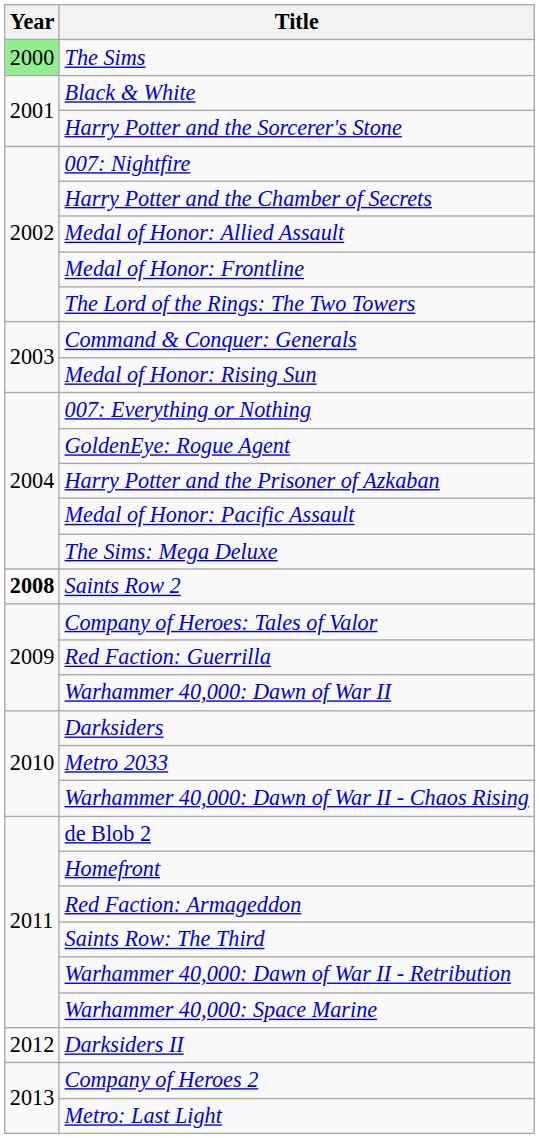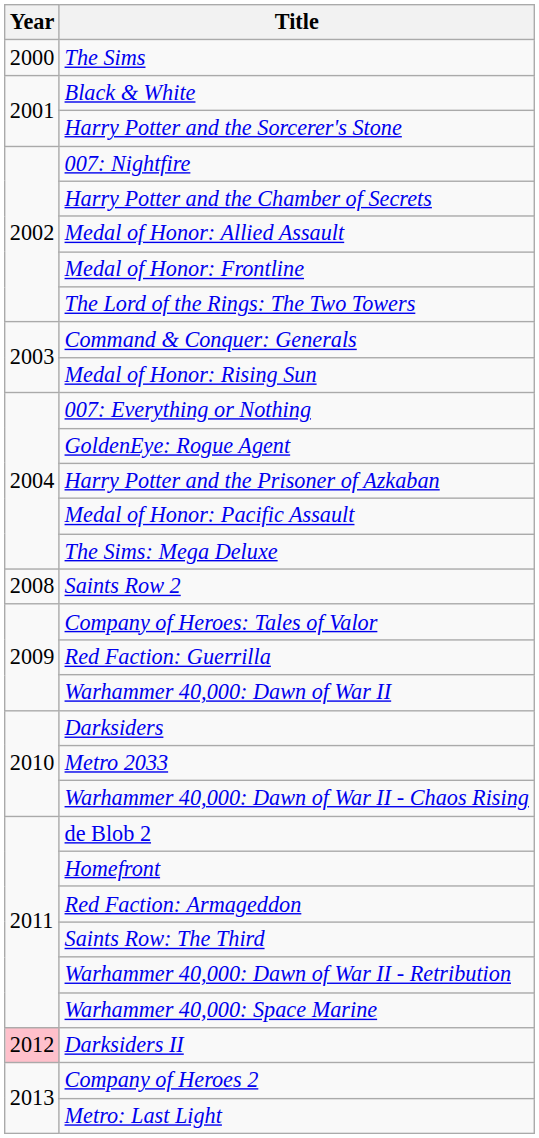 <table class="wikitable sortable">
 <tr>
 <th>Year</th>
 <th>Title</th>
 </tr>
 <tr>
-<td style="background: lightgreen;">2000</td>
+<td>2000</td>
 <td><em><a href='#'>The Sims</a></em></td>
 </tr>
 <tr>
 <td rowspan=2>2001</td>
 <td><em><a href='#'>Black & White</a></em></td>
 </tr>
 <tr>
 <td><em><a href='#'>Harry Potter and the Sorcerer's Stone</a></em></td>
 </tr>
 <tr>
 <td rowspan=5>2002</td>
 <td><em><a href='#'>007: Nightfire</a></em></td>
 </tr>
 <tr>
 <td><em><a href='#'>Harry Potter and the Chamber of Secrets</a></em></td>
 </tr>
 <tr>
 <td><em><a href='#'>Medal of Honor: Allied Assault</a></em></td>
 </tr>
 <tr>
 <td><em><a href='#'>Medal of Honor: Frontline</a></em></td>
 </tr>
 <tr>
 <td><em><a href='#'>The Lord of the Rings: The Two Towers</a></em></td>
 </tr>
 <tr>
 <td rowspan=2>2003</td>
 <td><em><a href='#'>Command & Conquer: Generals</a></em></td>
 </tr>
 <tr>
 <td><em><a href='#'>Medal of Honor: Rising Sun</a></em></td>
 </tr>
 <tr>
 <td rowspan=5>2004</td>
 <td><em><a href='#'>007: Everything or Nothing</a></em></td>
 </tr>
 <tr>
 <td><em><a href='#'>GoldenEye: Rogue Agent</a></em></td>
 </tr>
 <tr>
 <td><em><a href='#'>Harry Potter and the Prisoner of Azkaban</a></em></td>
 </tr>
 <tr>
 <td><em><a href='#'>Medal of Honor: Pacific Assault</a></em></td>
 </tr>
 <tr>
 <td><em><a href='#'>The Sims: Mega Deluxe</a></em></td>
 </tr>
 <tr>
-<td><strong>2008</strong></td>
+<td>2008</td>
 <td><em><a href='#'>Saints Row 2</a></em></td>
 </tr>
 <tr>
 <td rowspan=3>2009</td>
 <td><em><a href='#'>Company of Heroes: Tales of Valor</a></em></td>
 </tr>
 <tr>
 <td><em><a href='#'>Red Faction: Guerrilla</a></em></td>
 </tr>
 <tr>
 <td><em><a href='#'>Warhammer 40,000: Dawn of War II</a></em></td>
 </tr>
 <tr>
 <td rowspan=3>2010</td>
 <td><em><a href='#'>Darksiders</a></em></td>
 </tr>
 <tr>
 <td><em><a href='#'>Metro 2033</a></em></td>
 </tr>
 <tr>
 <td><em><a href='#'>Warhammer 40,000: Dawn of War II - Chaos Rising</a></em></td>
 </tr>
 <tr>
 <td rowspan=6>2011</td>
 <td><a href='#'>de Blob 2</a></td>
 </tr>
 <tr>
 <td><em><a href='#'>Homefront</a></em></td>
 </tr>
 <tr>
 <td><em><a href='#'>Red Faction: Armageddon</a></em></td>
 </tr>
 <tr>
 <td><em><a href='#'>Saints Row: The Third</a></em></td>
 </tr>
 <tr>
 <td><em><a href='#'>Warhammer 40,000: Dawn of War II - Retribution</a></em></td>
 </tr>
 <tr>
 <td><em><a href='#'>Warhammer 40,000: Space Marine</a></em></td>
 </tr>
 <tr>
-<td>2012</td>
+<td style="background: pink;">2012</td>
 <td><em><a href='#'>Darksiders II</a></em></td>
 </tr>
 <tr>
 <td rowspan=2>2013</td>
 <td><em><a href='#'>Company of Heroes 2</a></em></td>
 </tr>
 <tr>
 <td><em><a href='#'>Metro: Last Light</a></em></td>
 </tr>
 </table>
